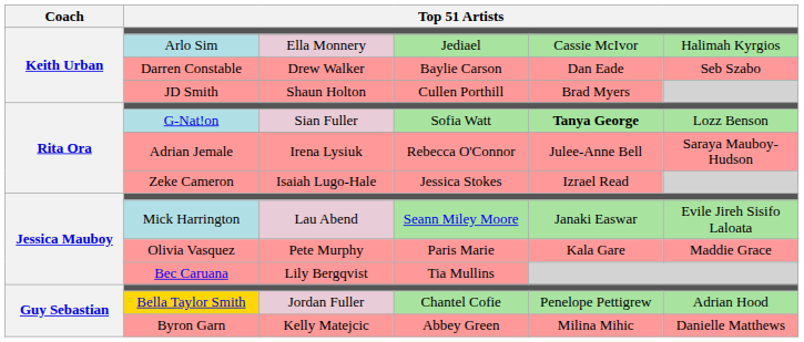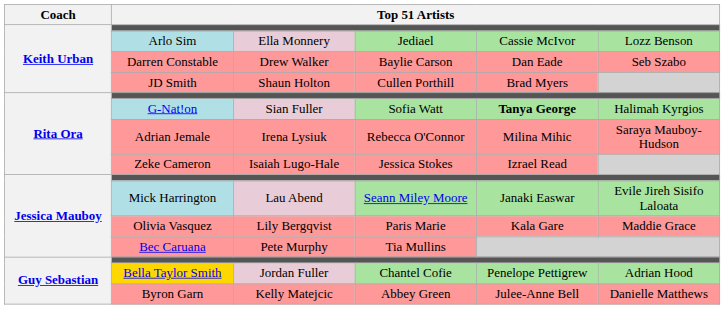 <table class="wikitable" style="text-align:center; width:100%">
 <tr>
 <th style="width:15%">Coach</th>
 <th style="width:85%" colspan="5">Top 51 Artists</th>
 </tr>
 <tr>
 <th rowspan="4"><a href='#'>Keith Urban</a></th>
 <td colspan="5" style="background:#555"></td>
 </tr>
 <tr>
 <td style="width:17%" bgcolor="#b0e0e6">Arlo Sim</td>
 <td bgcolor="#E8CCD7">Ella Monnery</td>
 <td style="width:17%" bgcolor="#A8E4A0">Jediael</td>
 <td style="width:17%" bgcolor="#A8E4A0">Cassie McIvor</td>
-<td bgcolor="#A8E4A0">Halimah Kyrgios</td>
+<td style="width:17%" bgcolor="#A8E4A0">Lozz Benson</td>
 </tr>
 <tr>
 <td bgcolor="#FF9999">Darren Constable</td>
 <td bgcolor="#FF9999">Drew Walker</td>
 <td bgcolor="#FF9999">Baylie Carson</td>
 <td bgcolor="#FF9999">Dan Eade</td>
 <td bgcolor="#FF9999">Seb Szabo</td>
 </tr>
 <tr>
 <td bgcolor="#FF9999">JD Smith</td>
 <td bgcolor="#FF9999">Shaun Holton</td>
 <td bgcolor="#FF9999">Cullen Porthill</td>
 <td bgcolor="#FF9999">Brad Myers</td>
 <td bgcolor="lightgray"></td>
 </tr>
 <tr>
 <th rowspan="4"><a href='#'>Rita Ora</a></th>
 <td colspan="5" style="background:#555"></td>
 </tr>
 <tr>
 <td bgcolor="#b0e0e6"><a href='#'>G-Nat!on</a></td>
 <td bgcolor="#E8CCD7">Sian Fuller</td>
 <td bgcolor="#A8E4A0">Sofia Watt</td>
 <td bgcolor="#A8E4A0"><strong>Tanya George</strong></td>
-<td style="width:17%" bgcolor="#A8E4A0">Lozz Benson</td>
+<td bgcolor="#A8E4A0">Halimah Kyrgios</td>
 </tr>
 <tr>
 <td bgcolor="#FF9999">Adrian Jemale</td>
 <td bgcolor="#FF9999">Irena Lysiuk</td>
 <td bgcolor="#FF9999">Rebecca O'Connor</td>
-<td bgcolor="#FF9999">Julee-Anne Bell</td>
+<td bgcolor="#FF9999">Milina Mihic</td>
 <td bgcolor="#FF9999">Saraya Mauboy-Hudson</td>
 </tr>
 <tr>
 <td bgcolor="#FF9999">Zeke Cameron</td>
 <td bgcolor="#FF9999">Isaiah Lugo-Hale</td>
 <td bgcolor="#FF9999">Jessica Stokes</td>
 <td bgcolor="#FF9999">Izrael Read</td>
 <td bgcolor="lightgray"></td>
 </tr>
 <tr>
 <th rowspan="4"><a href='#'>Jessica Mauboy</a></th>
 <td colspan="5" style="background:#555"></td>
 </tr>
 <tr>
 <td bgcolor="#b0e0e6">Mick Harrington</td>
 <td style="width:17%" bgcolor="#E8CCD7">Lau Abend</td>
 <td bgcolor="#A8E4A0"><a href='#'>Seann Miley Moore</a></td>
 <td bgcolor="#A8E4A0">Janaki Easwar</td>
 <td bgcolor="#A8E4A0">Evile Jireh Sisifo Laloata</td>
 </tr>
 <tr>
 <td bgcolor="#FF9999">Olivia Vasquez</td>
-<td bgcolor="#FF9999">Pete Murphy</td>
+<td bgcolor="#FF9999">Lily Bergqvist</td>
 <td bgcolor="#FF9999">Paris Marie</td>
 <td bgcolor="#FF9999">Kala Gare</td>
 <td bgcolor="#FF9999">Maddie Grace</td>
 </tr>
 <tr>
 <td bgcolor="#FF9999"><a href='#'>Bec Caruana</a></td>
-<td bgcolor="#FF9999">Lily Bergqvist</td>
+<td bgcolor="#FF9999">Pete Murphy</td>
 <td bgcolor="#FF9999">Tia Mullins</td>
 <td colspan="2" bgcolor="lightgray"></td>
 </tr>
 <tr>
 <th rowspan="4"><a href='#'>Guy Sebastian</a></th>
 <td colspan="5" style="background:#555"></td>
 </tr>
 <tr>
 <td bgcolor="gold"><a href='#'>Bella Taylor Smith</a></td>
 <td bgcolor="#E8CCD7">Jordan Fuller</td>
 <td bgcolor="#A8E4A0">Chantel Cofie</td>
 <td bgcolor="#A8E4A0">Penelope Pettigrew</td>
 <td bgcolor="#A8E4A0">Adrian Hood</td>
 </tr>
 <tr>
 <td bgcolor="#FF9999">Byron Garn</td>
 <td bgcolor="#FF9999">Kelly Matejcic</td>
 <td bgcolor="#FF9999">Abbey Green</td>
-<td bgcolor="#FF9999">Milina Mihic</td>
+<td bgcolor="#FF9999">Julee-Anne Bell</td>
 <td bgcolor="#FF9999">Danielle Matthews</td>
 </tr>
 </table>
